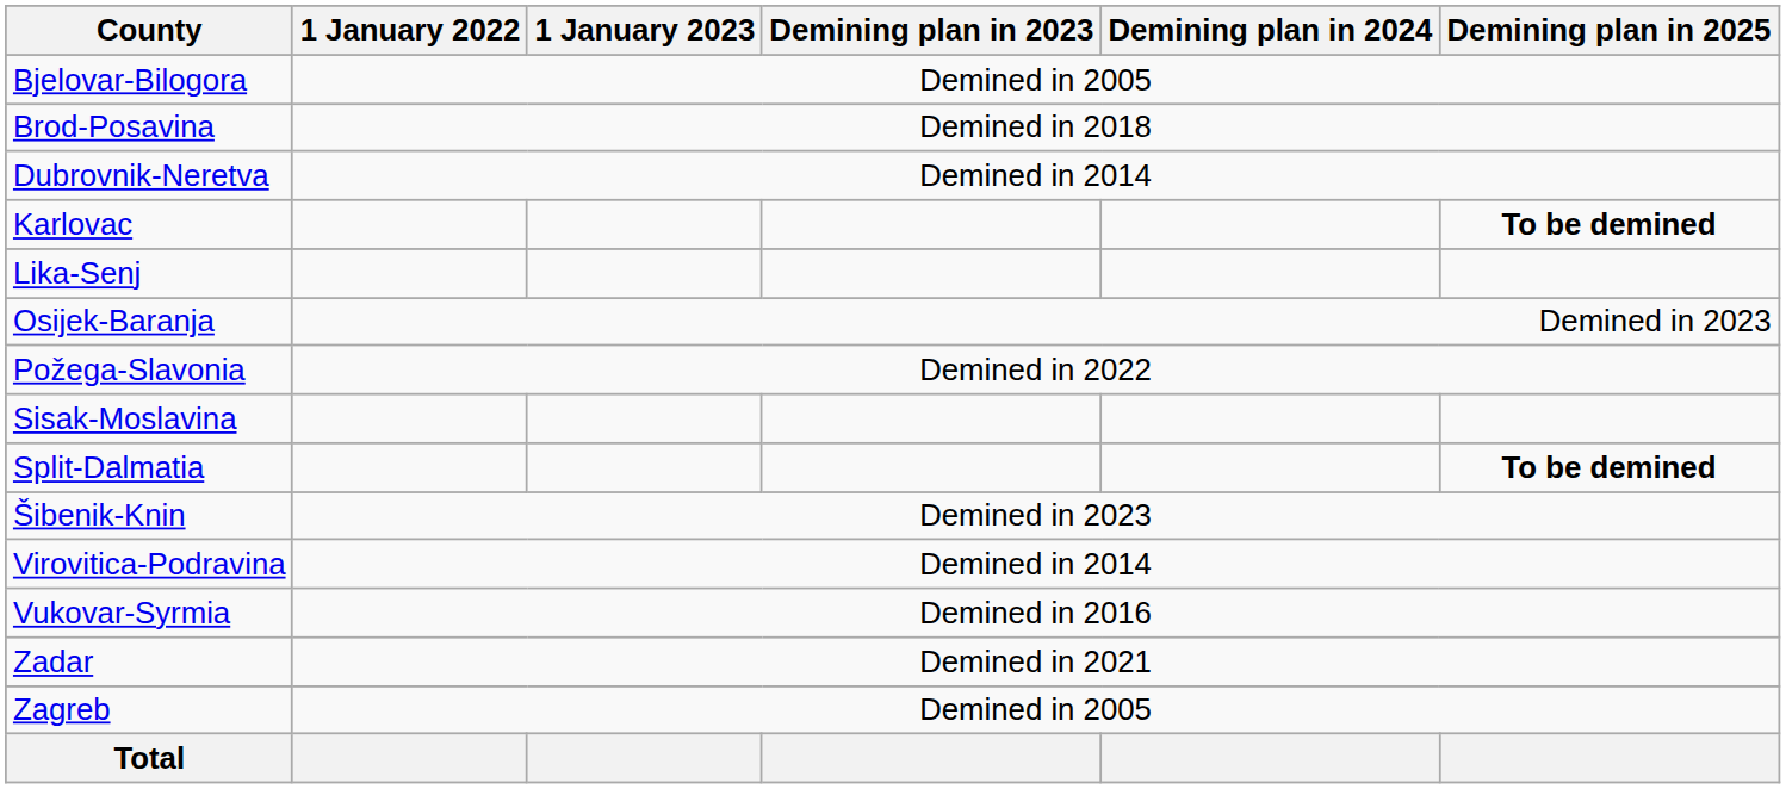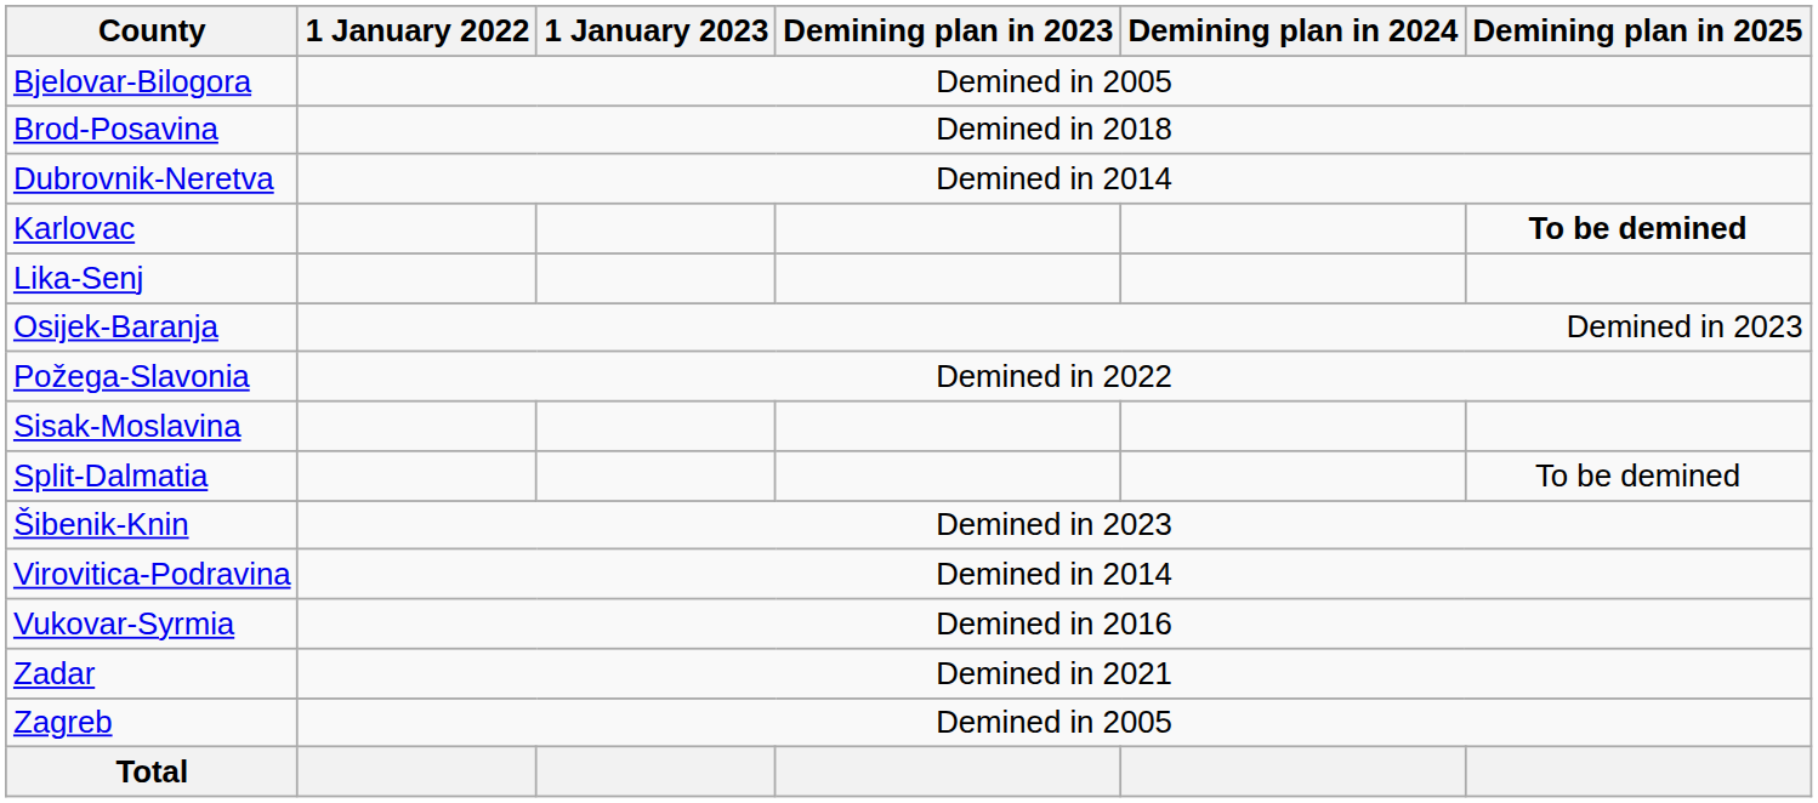 <table class="plainrowheaders wikitable sortable" style="cellspacing=2px; text-align:left; font-size:90%;">
 <tr style="font-size:100%; text-align:right;">
 <th scope="col">County</th>
 <th scope="col">1 January 2022</th>
 <th scope="col">1 January 2023</th>
 <th scope="col">Demining plan in 2023</th>
 <th scope="col">Demining plan in 2024</th>
 <th scope="col">Demining plan in 2025</th>
 </tr>
 <tr>
 <td><a href='#'>Bjelovar-Bilogora</a></td>
 <td colspan="5" style="text-align:center">Demined in 2005</td>
 </tr>
 <tr>
 <td><a href='#'>Brod-Posavina</a></td>
 <td colspan="5" style="text-align:center">Demined in 2018</td>
 </tr>
 <tr>
 <td><a href='#'>Dubrovnik-Neretva</a></td>
 <td colspan="5" style="text-align:center">Demined in 2014</td>
 </tr>
 <tr>
 <td style="text-align:left"><a href='#'>Karlovac</a></td>
 <td style="text-align:right"></td>
 <td style="text-align:right"></td>
 <td style="text-align:right"></td>
 <td style="text-align:right"></td>
 <td style="text-align:center"><strong>To be demined</strong></td>
 </tr>
 <tr>
 <td style="text-align:left"><a href='#'>Lika-Senj</a></td>
 <td style="text-align:right"></td>
 <td style="text-align:right"></td>
 <td style="text-align:right"></td>
 <td style="text-align:right"></td>
 <td style="text-align:center"></td>
 </tr>
 <tr>
 <td style="text-align:left"><a href='#'>Osijek-Baranja</a></td>
 <td colspan="5" style="text-align:right" style="text-align:center">Demined in 2023</td>
 </tr>
 <tr>
 <td style="text-align:left"><a href='#'>Požega-Slavonia</a></td>
 <td colspan="5" style="text-align:center">Demined in 2022</td>
 </tr>
 <tr>
 <td style="text-align:left"><a href='#'>Sisak-Moslavina</a></td>
 <td style="text-align:right"></td>
 <td style="text-align:right"></td>
 <td style="text-align:right"></td>
 <td style="text-align:right"></td>
 <td style="text-align:center"></td>
 </tr>
 <tr>
 <td style="text-align:left"><a href='#'>Split-Dalmatia</a></td>
 <td style="text-align:right"></td>
 <td style="text-align:right"></td>
 <td style="text-align:right"></td>
 <td style="text-align:right"></td>
-<td style="text-align:center"><strong>To be demined</strong></td>
+<td style="text-align:center">To be demined</td>
 </tr>
 <tr>
 <td style="text-align:left"><a href='#'>Šibenik-Knin</a></td>
 <td colspan="5" style="text-align:center">Demined in 2023</td>
 </tr>
 <tr>
 <td><a href='#'>Virovitica-Podravina</a></td>
 <td colspan="5" style="text-align:center">Demined in 2014</td>
 </tr>
 <tr>
 <td><a href='#'>Vukovar-Syrmia</a></td>
 <td colspan="5" style="text-align:center">Demined in 2016</td>
 </tr>
 <tr>
 <td style="text-align:left"><a href='#'>Zadar</a></td>
 <td colspan="5" style="text-align:center">Demined in 2021</td>
 </tr>
 <tr>
 <td><a href='#'>Zagreb</a></td>
 <td colspan="5" style="text-align:center">Demined in 2005</td>
 </tr>
 <tr>
 <th>Total</th>
 <th style="text-align:right"></th>
 <th style="text-align:right"></th>
 <th style="text-align:right"></th>
 <th style="text-align:right"></th>
 <th style="text-align:right"></th>
 </tr>
 </table>
